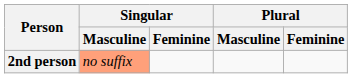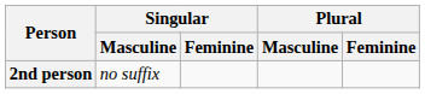 <table class="wikitable mw-collapsible">
 <tr>
 <th rowspan="2">Person</th>
 <th colspan="2">Singular</th>
 <th colspan="2">Plural</th>
 </tr>
 <tr>
 <th>Masculine</th>
 <th>Feminine</th>
 <th>Masculine</th>
 <th>Feminine</th>
 </tr>
 <tr>
 <th>2nd person</th>
-<td style="background: lightsalmon;"><em>no suffix</em></td>
+<td><em>no suffix</em></td>
 <td></td>
 <td></td>
 <td></td>
 </tr>
 </table>
